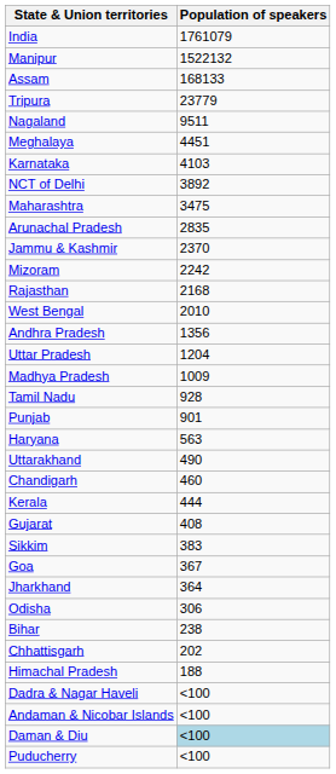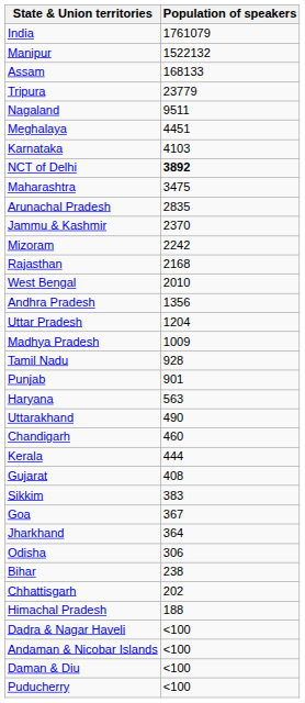 <table class="wikitable">
 <tr>
 <th>State & Union territories</th>
 <th>Population of speakers</th>
 </tr>
 <tr>
 <td><a href='#'>India</a></td>
 <td>1761079</td>
 </tr>
 <tr>
 <td><a href='#'>Manipur</a></td>
 <td>1522132</td>
 </tr>
 <tr>
 <td><a href='#'>Assam</a></td>
 <td>168133</td>
 </tr>
 <tr>
 <td><a href='#'>Tripura</a></td>
 <td>23779</td>
 </tr>
 <tr>
 <td><a href='#'>Nagaland</a></td>
 <td>9511</td>
 </tr>
 <tr>
 <td><a href='#'>Meghalaya</a></td>
 <td>4451</td>
 </tr>
 <tr>
 <td><a href='#'>Karnataka</a></td>
 <td>4103</td>
 </tr>
 <tr>
 <td><a href='#'>NCT of Delhi</a></td>
-<td>3892</td>
+<td><strong>3892</strong></td>
 </tr>
 <tr>
 <td><a href='#'>Maharashtra</a></td>
 <td>3475</td>
 </tr>
 <tr>
 <td><a href='#'>Arunachal Pradesh</a></td>
 <td>2835</td>
 </tr>
 <tr>
 <td><a href='#'>Jammu & Kashmir</a></td>
 <td>2370</td>
 </tr>
 <tr>
 <td><a href='#'>Mizoram</a></td>
 <td>2242</td>
 </tr>
 <tr>
 <td><a href='#'>Rajasthan</a></td>
 <td>2168</td>
 </tr>
 <tr>
 <td><a href='#'>West Bengal</a></td>
 <td>2010</td>
 </tr>
 <tr>
 <td><a href='#'>Andhra Pradesh</a></td>
 <td>1356</td>
 </tr>
 <tr>
 <td><a href='#'>Uttar Pradesh</a></td>
 <td>1204</td>
 </tr>
 <tr>
 <td><a href='#'>Madhya Pradesh</a></td>
 <td>1009</td>
 </tr>
 <tr>
 <td><a href='#'>Tamil Nadu</a></td>
 <td>928</td>
 </tr>
 <tr>
 <td><a href='#'>Punjab</a></td>
 <td>901</td>
 </tr>
 <tr>
 <td><a href='#'>Haryana</a></td>
 <td>563</td>
 </tr>
 <tr>
 <td><a href='#'>Uttarakhand</a></td>
 <td>490</td>
 </tr>
 <tr>
 <td><a href='#'>Chandigarh</a></td>
 <td>460</td>
 </tr>
 <tr>
 <td><a href='#'>Kerala</a></td>
 <td>444</td>
 </tr>
 <tr>
 <td><a href='#'>Gujarat</a></td>
 <td>408</td>
 </tr>
 <tr>
 <td><a href='#'>Sikkim</a></td>
 <td>383</td>
 </tr>
 <tr>
 <td><a href='#'>Goa</a></td>
 <td>367</td>
 </tr>
 <tr>
 <td><a href='#'>Jharkhand</a></td>
 <td>364</td>
 </tr>
 <tr>
 <td><a href='#'>Odisha</a></td>
 <td>306</td>
 </tr>
 <tr>
 <td><a href='#'>Bihar</a></td>
 <td>238</td>
 </tr>
 <tr>
 <td><a href='#'>Chhattisgarh</a></td>
 <td>202</td>
 </tr>
 <tr>
 <td><a href='#'>Himachal Pradesh</a></td>
 <td>188</td>
 </tr>
 <tr>
 <td><a href='#'>Dadra & Nagar Haveli</a></td>
 <td><100</td>
 </tr>
 <tr>
 <td><a href='#'>Andaman & Nicobar Islands</a></td>
 <td><100</td>
 </tr>
 <tr>
 <td><a href='#'>Daman & Diu</a></td>
-<td style="background: lightblue;"><100</td>
+<td><100</td>
 </tr>
 <tr>
 <td><a href='#'>Puducherry</a></td>
 <td><100</td>
 </tr>
 </table>
